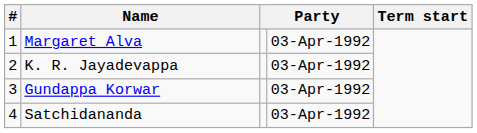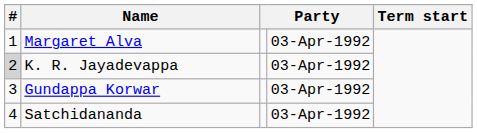 <table class="wikitable">
 <tr>
 <th>#</th>
 <th style="width:200px">Name</th>
 <th colspan="2">Party</th>
 <th>Term start</th>
 </tr>
 <tr>
 <td>1</td>
 <td><a href='#'>Margaret Alva</a></td>
 <td></td>
 <td>03-Apr-1992</td>
 </tr>
 <tr>
-<td>2</td>
+<td style="background: lightgrey;">2</td>
 <td>K. R. Jayadevappa</td>
 <td></td>
 <td>03-Apr-1992</td>
 </tr>
 <tr>
 <td>3</td>
 <td><a href='#'>Gundappa Korwar</a></td>
 <td></td>
 <td>03-Apr-1992</td>
 </tr>
 <tr>
 <td>4</td>
 <td>Satchidananda</td>
 <td></td>
 <td>03-Apr-1992</td>
 </tr>
 </table>
